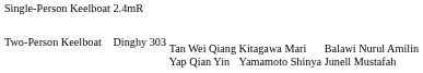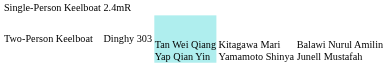 <table>
 <tr>
 <td>Single-Person Keelboat</td>
 <td>2.4mR</td>
 <td valign="top"></td>
 <td valign="top"></td>
 <td valign="top"></td>
 </tr>
 <tr>
 <td>Two-Person Keelboat</td>
 <td>Dinghy 303</td>
-<td valign="top"><br><br>Tan Wei Qiang<br> Yap Qian Yin</td>
+<td valign="top" style="background: paleturquoise;"><br><br>Tan Wei Qiang<br> Yap Qian Yin</td>
 <td valign="top"><br><br>Kitagawa Mari<br> Yamamoto Shinya</td>
 <td valign="top"><br><br>Balawi Nurul Amilin<br> Junell Mustafah</td>
 </tr>
 </table>
